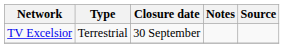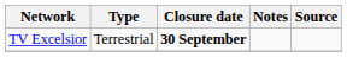 <table class="wikitable sortable">
 <tr>
 <th>Network</th>
 <th>Type</th>
 <th>Closure date</th>
 <th>Notes</th>
 <th>Source</th>
 </tr>
 <tr>
 <td><a href='#'>TV Excelsior</a></td>
 <td>Terrestrial</td>
-<td>30 September</td>
+<td><strong>30 September</strong></td>
 <td></td>
 <td></td>
 </tr>
 <tr>
 </tr>
 </table>
